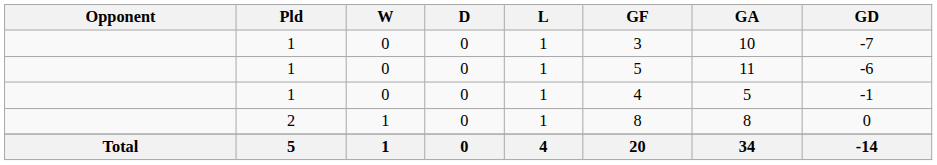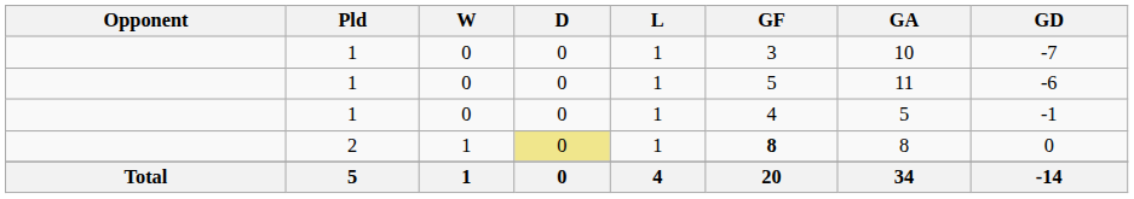 <table class="wikitable" style="text-align: center">
 <tr>
 <th width=220>Opponent<br></th>
 <th width=100>Pld<br></th>
 <th width=70>W<br></th>
 <th width=70>D<br></th>
 <th width=70>L<br></th>
 <th width=100>GF<br></th>
 <th width=100>GA<br></th>
 <th width=120>GD</th>
 </tr>
 <tr>
 <td style="text-align:left;"></td>
 <td>1</td>
 <td>0</td>
 <td>0</td>
 <td>1</td>
 <td>3</td>
 <td>10</td>
 <td>-7</td>
 </tr>
 <tr>
 <td style="text-align:left;"></td>
 <td>1</td>
 <td>0</td>
 <td>0</td>
 <td>1</td>
 <td>5</td>
 <td>11</td>
 <td>-6</td>
 </tr>
 <tr>
 <td style="text-align:left;"></td>
 <td>1</td>
 <td>0</td>
 <td>0</td>
 <td>1</td>
 <td>4</td>
 <td>5</td>
 <td>-1</td>
 </tr>
 <tr>
 <td style="text-align:left;"></td>
 <td>2</td>
 <td>1</td>
-<td>0</td>
+<td style="background: khaki;">0</td>
 <td>1</td>
-<td>8</td>
+<td><strong>8</strong></td>
 <td>8</td>
 <td>0</td>
 </tr>
 <tr>
 </tr>
 <tr class="sortbottom">
 <th>Total</th>
 <th>5</th>
 <th>1</th>
 <th>0</th>
 <th>4</th>
 <th>20</th>
 <th>34</th>
 <th>-14</th>
 </tr>
 </table>
